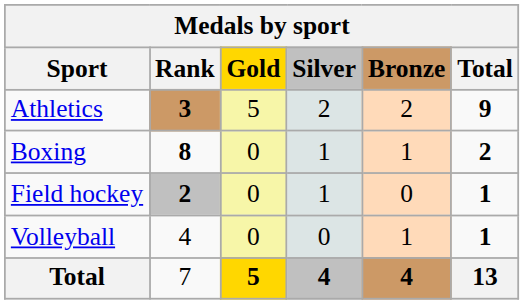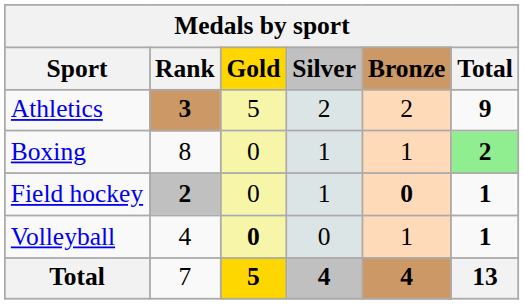 <table class="wikitable sortable collapsible"style="font-size:90%; text-align:center;">
 <tr style="background:#efefef;">
 <th colspan=6>Medals by sport</th>
 </tr>
 <tr>
 <th><strong>Sport</strong></th>
 <th><strong>Rank</strong></th>
 <th style="background-color:gold;"><strong>Gold </strong></th>
 <th style="background-color:silver;"><strong>Silver </strong></th>
 <th style="background-color:#c96;"><strong>Bronze </strong></th>
 <th><strong>Total</strong></th>
 </tr>
 <tr>
 <td align=left> <a href='#'>Athletics</a></td>
 <th style="background-color:#c96;"><strong>3</strong></th>
 <td style="background:#F7F6A8;">5</td>
 <td style="background:#DCE5E5;">2</td>
 <td style="background:#FFDAB9;">2</td>
 <td><strong>9</strong></td>
 </tr>
 <tr>
 <td align=left> <a href='#'>Boxing</a></td>
-<td><strong>8</strong></td>
+<td>8</td>
 <td style="background:#F7F6A8;">0</td>
 <td style="background:#DCE5E5;">1</td>
 <td style="background:#FFDAB9;">1</td>
-<td><strong>2</strong></td>
+<td style="background: lightgreen;"><strong>2</strong></td>
 </tr>
 <tr>
 <td align=left> <a href='#'>Field hockey</a></td>
 <td style="background-color:silver;"><strong>2</strong></td>
 <td style="background:#F7F6A8;">0</td>
 <td style="background:#DCE5E5;">1</td>
-<td style="background:#FFDAB9;">0</td>
+<td style="background:#FFDAB9;"><strong>0</strong></td>
 <td><strong>1</strong></td>
 </tr>
 <tr>
 <td align=left> <a href='#'>Volleyball</a></td>
 <td>4</td>
-<td style="background:#F7F6A8;">0</td>
+<td style="background:#F7F6A8;"><strong>0</strong></td>
 <td style="background:#DCE5E5;">0</td>
 <td style="background:#FFDAB9;">1</td>
 <td><strong>1</strong></td>
 </tr>
 <tr>
 <th>Total</th>
 <td>7</td>
 <th style="background:gold;">5</th>
 <th style="background:silver;">4</th>
 <th style="background:#c96;">4</th>
 <th>13</th>
 </tr>
 </table>
